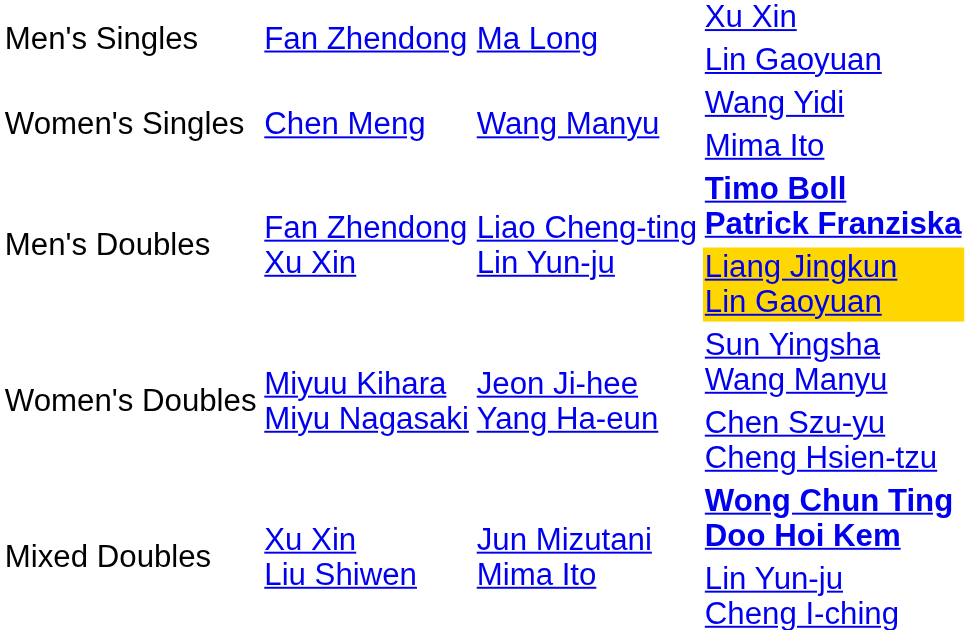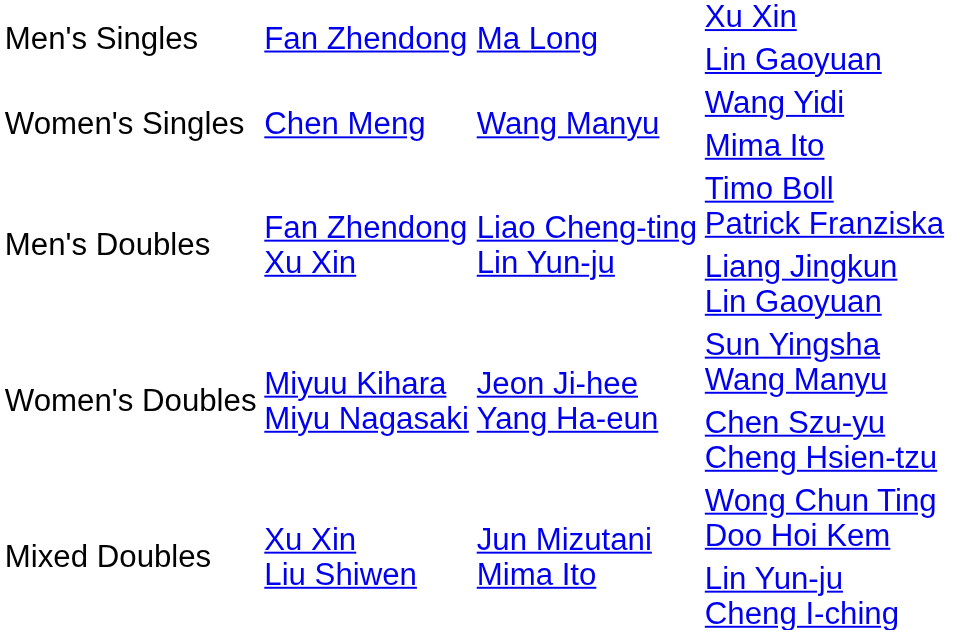 <table>
 <tr>
 <td rowspan=2>Men's Singles <br></td>
 <td rowspan=2> <a href='#'>Fan Zhendong</a></td>
 <td rowspan=2> <a href='#'>Ma Long</a></td>
 <td> <a href='#'>Xu Xin</a></td>
 </tr>
 <tr>
 <td> <a href='#'>Lin Gaoyuan</a></td>
 </tr>
 <tr>
 <td rowspan=2>Women's Singles <br></td>
 <td rowspan=2> <a href='#'>Chen Meng</a></td>
 <td rowspan=2> <a href='#'>Wang Manyu</a></td>
 <td> <a href='#'>Wang Yidi</a></td>
 </tr>
 <tr>
 <td> <a href='#'>Mima Ito</a></td>
 </tr>
 <tr>
 <td rowspan=2>Men's Doubles <br></td>
 <td rowspan=2> <a href='#'>Fan Zhendong</a><br> <a href='#'>Xu Xin</a></td>
 <td rowspan=2> <a href='#'>Liao Cheng-ting</a><br> <a href='#'>Lin Yun-ju</a></td>
-<td><strong> <a href='#'>Timo Boll</a><br> <a href='#'>Patrick Franziska</a></strong></td>
+<td> <a href='#'>Timo Boll</a><br> <a href='#'>Patrick Franziska</a></td>
 </tr>
 <tr>
-<td style="background: gold;"> <a href='#'>Liang Jingkun</a><br> <a href='#'>Lin Gaoyuan</a></td>
+<td> <a href='#'>Liang Jingkun</a><br> <a href='#'>Lin Gaoyuan</a></td>
 </tr>
 <tr>
 <td rowspan=2>Women's Doubles <br></td>
 <td rowspan=2> <a href='#'>Miyuu Kihara</a><br> <a href='#'>Miyu Nagasaki</a></td>
 <td rowspan=2> <a href='#'>Jeon Ji-hee</a><br> <a href='#'>Yang Ha-eun</a></td>
 <td> <a href='#'>Sun Yingsha</a><br> <a href='#'>Wang Manyu</a></td>
 </tr>
 <tr>
 <td> <a href='#'>Chen Szu-yu</a><br> <a href='#'>Cheng Hsien-tzu</a></td>
 </tr>
 <tr>
 <td rowspan=2>Mixed Doubles <br></td>
 <td rowspan=2> <a href='#'>Xu Xin</a><br> <a href='#'>Liu Shiwen</a></td>
 <td rowspan=2> <a href='#'>Jun Mizutani</a><br> <a href='#'>Mima Ito</a></td>
-<td><strong> <a href='#'>Wong Chun Ting</a><br> <a href='#'>Doo Hoi Kem</a></strong></td>
+<td> <a href='#'>Wong Chun Ting</a><br> <a href='#'>Doo Hoi Kem</a></td>
 </tr>
 <tr>
 <td> <a href='#'>Lin Yun-ju</a><br> <a href='#'>Cheng I-ching</a></td>
 </tr>
 </table>
